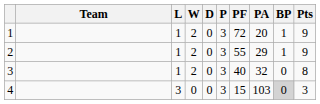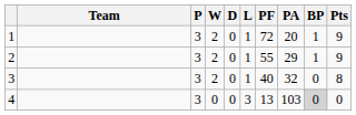 <table class="wikitable" style="text-align:center;">
 <tr>
 <th></th>
 <th width="200px">Team</th>
-<th>L</th>
+<th>P</th>
 <th>W</th>
 <th>D</th>
-<th>P</th>
+<th>L</th>
 <th>PF</th>
 <th>PA</th>
 <th>BP</th>
 <th>Pts</th>
 </tr>
 <tr>
 <td>1</td>
 <td></td>
-<td>1</td>
+<td>3</td>
 <td>2</td>
 <td>0</td>
-<td>3</td>
+<td>1</td>
 <td>72</td>
 <td>20</td>
 <td>1</td>
 <td>9</td>
 </tr>
 <tr>
 <td>2</td>
 <td></td>
-<td>1</td>
+<td>3</td>
 <td>2</td>
 <td>0</td>
-<td>3</td>
+<td>1</td>
 <td>55</td>
 <td>29</td>
 <td>1</td>
 <td>9</td>
 </tr>
 <tr>
 <td>3</td>
 <td></td>
-<td>1</td>
+<td>3</td>
 <td>2</td>
 <td>0</td>
-<td>3</td>
+<td>1</td>
 <td>40</td>
 <td>32</td>
 <td>0</td>
 <td>8</td>
 </tr>
 <tr>
 <td>4</td>
 <td></td>
 <td>3</td>
 <td>0</td>
 <td>0</td>
 <td>3</td>
-<td>15</td>
+<td>13</td>
 <td>103</td>
 <td style="background: lightgrey;">0</td>
-<td>3</td>
+<td>0</td>
 </tr>
 </table>
